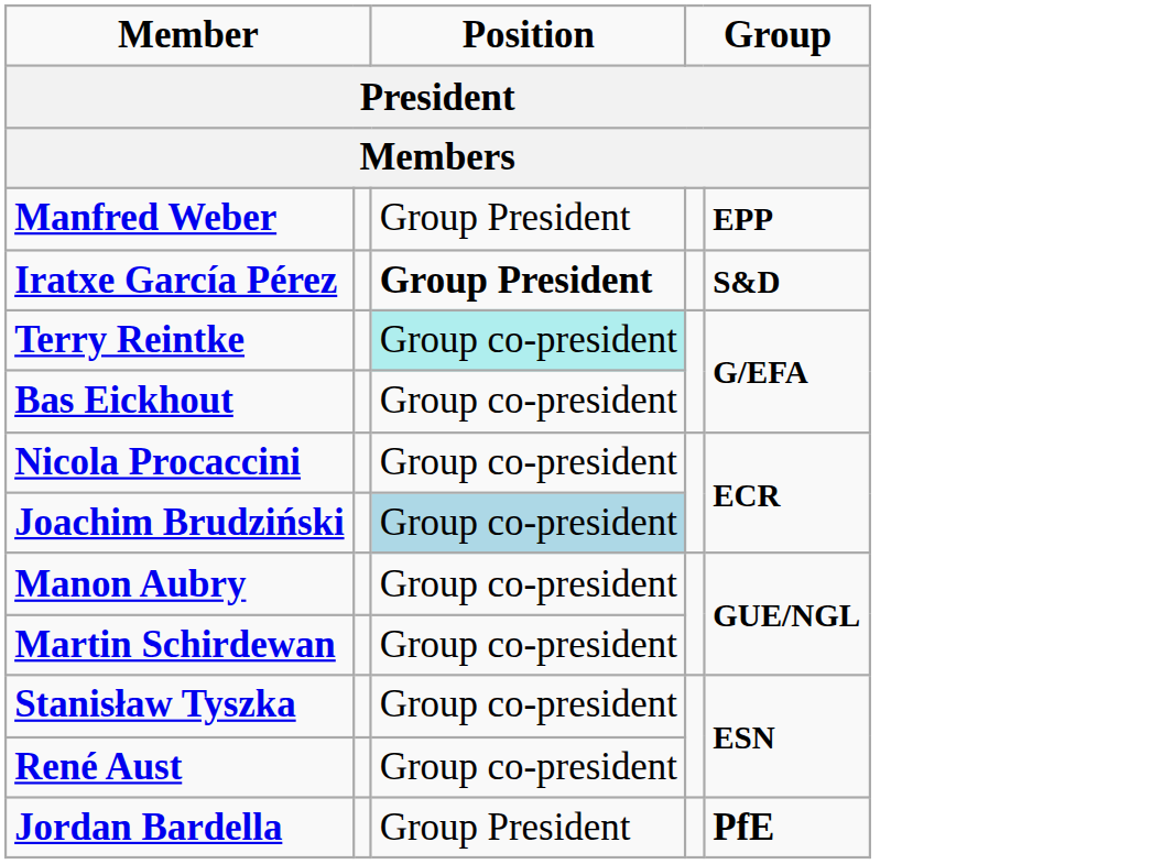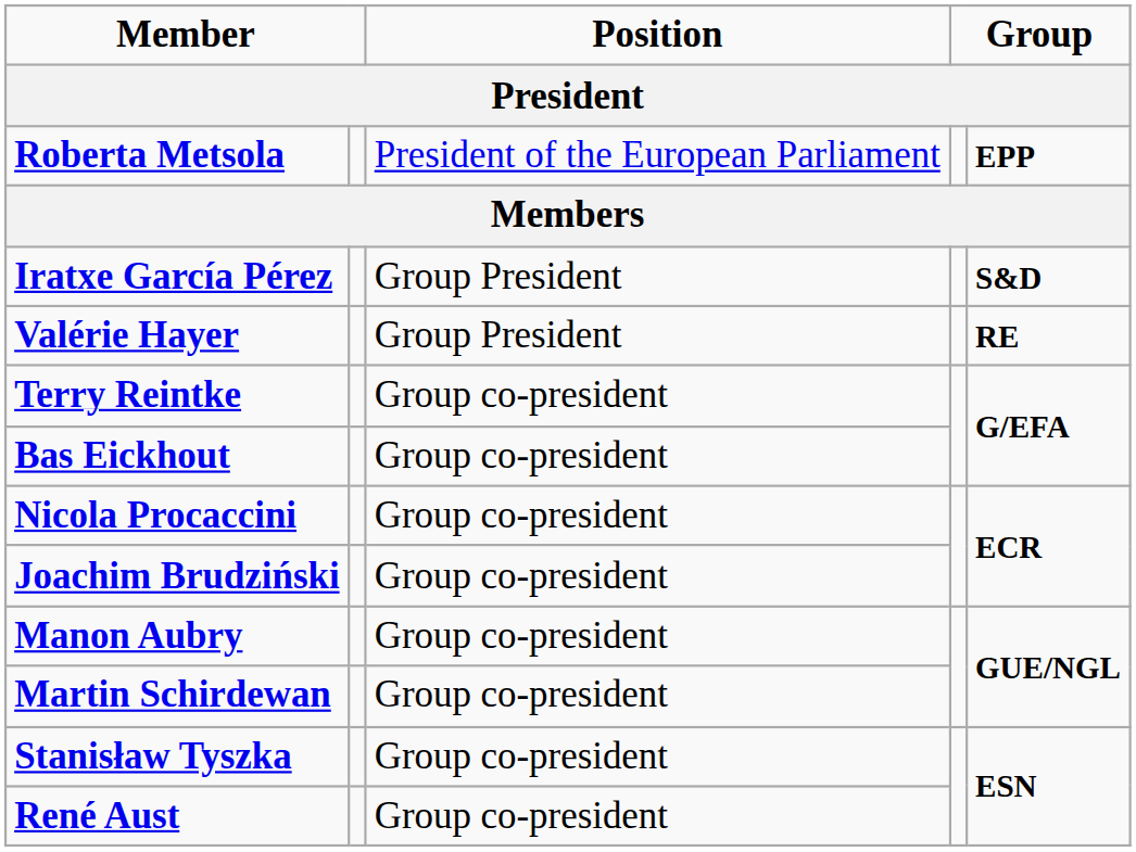 <table class="wikitable">
 <tr>
 <td colspan="2" align="center"><strong>Member</strong></td>
 <td align="center"><strong>Position</strong></td>
 <td colspan="2" align="center"><strong>Group</strong></td>
 </tr>
 <tr>
 <th colspan="5">President</th>
 </tr>
 <tr>
-<th colspan="5">Members</th>
-</tr>
-<tr>
-<td><strong><a href='#'>Manfred Weber</a></strong></td>
+<td><strong><a href='#'>Roberta Metsola</a></strong></td>
 <td><small></small></td>
-<td>Group President</td>
+<td><a href='#'>President of the European Parliament</a></td>
 <td style="background-color:"></td>
 <td><strong><small>EPP</small></strong></td>
 </tr>
 <tr>
+<th colspan="5">Members</th>
+</tr>
+<tr>
 <td><strong><a href='#'>Iratxe García Pérez</a></strong></td>
 <td><small></small></td>
-<td><strong>Group President</strong></td>
+<td>Group President</td>
 <td style="background-color:"></td>
 <td><strong><small>S&D</small></strong></td>
 </tr>
 <tr>
+<td><strong><a href='#'>Valérie Hayer</a></strong></td>
+<td><small></small></td>
+<td>Group President</td>
+<td style="background-color:"></td>
+<td><strong><small>RE</small></strong></td>
+</tr>
+<tr>
 <td><strong><a href='#'>Terry Reintke</a></strong></td>
 <td><small></small></td>
-<td style="background: paleturquoise;">Group co-president</td>
+<td>Group co-president</td>
 <td rowspan="2" style="background-color:"></td>
 <td rowspan="2"><strong><small>G/EFA</small></strong></td>
 </tr>
 <tr>
 <td><strong><a href='#'>Bas Eickhout</a></strong></td>
 <td><small></small></td>
 <td>Group co-president</td>
 </tr>
 <tr>
 <td><strong><a href='#'>Nicola Procaccini</a></strong></td>
 <td><small></small></td>
 <td>Group co-president</td>
 <td rowspan="2" style="background-color:"></td>
 <td rowspan="2"><strong><small>ECR</small></strong></td>
 </tr>
 <tr>
 <td><strong><a href='#'>Joachim Brudziński</a></strong></td>
 <td><small></small></td>
-<td style="background: lightblue;">Group co-president</td>
+<td>Group co-president</td>
 </tr>
 <tr>
 <td><strong><a href='#'>Manon Aubry</a></strong></td>
 <td><small></small></td>
 <td>Group co-president</td>
 <td rowspan="2" style="background-color:"></td>
 <td rowspan="2"><strong><small>GUE/NGL</small></strong></td>
 </tr>
 <tr>
 <td><strong><a href='#'>Martin Schirdewan</a></strong></td>
 <td><small></small></td>
 <td>Group co-president</td>
 </tr>
 <tr>
 <td><strong><a href='#'>Stanisław Tyszka</a></strong></td>
 <td><small></small></td>
 <td>Group co-president</td>
 <td rowspan="2" style="background-color:"></td>
 <td rowspan="2"><strong><small>ESN</small></strong></td>
 </tr>
 <tr>
 <td><strong><a href='#'>René Aust</a></strong></td>
 <td><small></small></td>
 <td>Group co-president</td>
 </tr>
-<tr>
-<td><strong><a href='#'>Jordan Bardella</a></strong></td>
-<td><small></small></td>
-<td>Group President</td>
-<td style="background-color:"></td>
-<td><strong>PfE</strong></td>
-</tr>
 </table>
